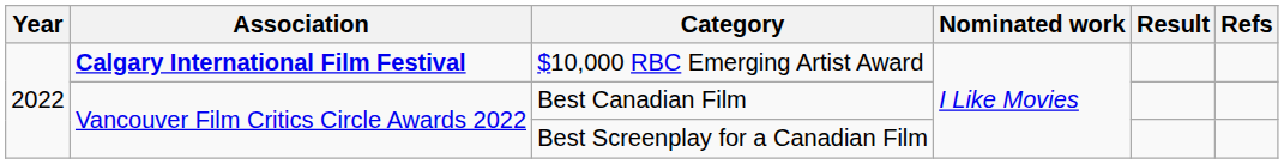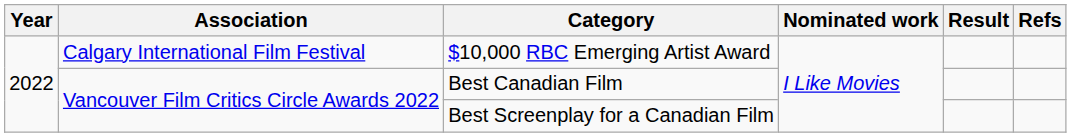 <table class="wikitable sortable">
 <tr>
 <th>Year</th>
 <th>Association</th>
 <th>Category</th>
 <th>Nominated work</th>
 <th>Result</th>
 <th class="unsortable">Refs</th>
 </tr>
 <tr>
 <td rowspan="3">2022</td>
-<td><strong><a href='#'>Calgary International Film Festival</a></strong></td>
+<td><a href='#'>Calgary International Film Festival</a></td>
 <td><a href='#'>$</a>10,000 <a href='#'>RBC</a> Emerging Artist Award</td>
 <td rowspan="3"><em><a href='#'>I Like Movies</a></em></td>
 <td></td>
 <td></td>
 </tr>
 <tr>
 <td rowspan="2"><a href='#'>Vancouver Film Critics Circle Awards 2022</a></td>
 <td>Best Canadian Film</td>
 <td></td>
 <td style="text-align:center;"></td>
 </tr>
 <tr>
 <td>Best Screenplay for a Canadian Film</td>
 <td></td>
 <td style="text-align:center;"></td>
 </tr>
 </table>
